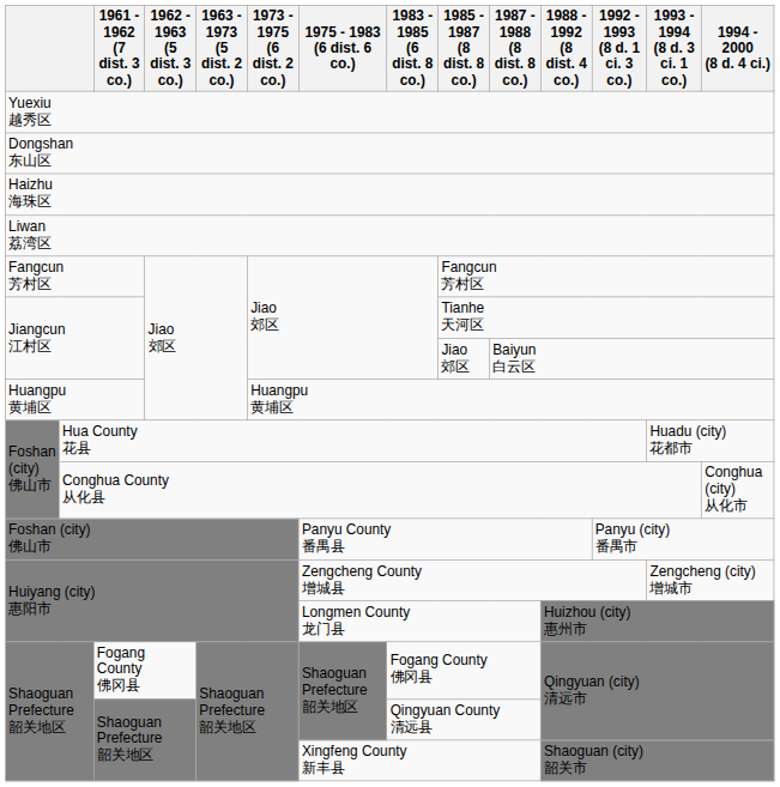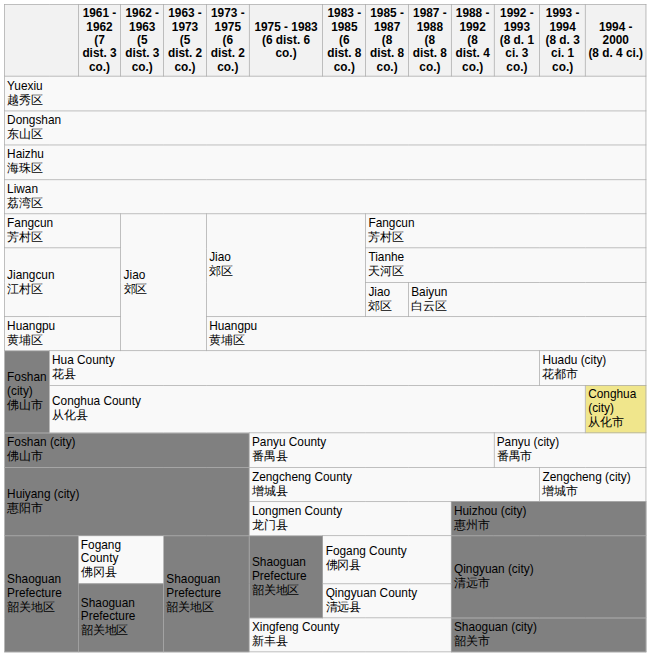 <table border="1" class=wikitable frame="box" rules="all">
 <tr>
 <th colspan="2"><br></th>
 <th>1961 - 1962<br>(7 dist. 3 co.)</th>
 <th>1962 - 1963<br>(5 dist. 3 co.)</th>
 <th>1963 - 1973<br>(5 dist. 2 co.)</th>
 <th>1973 - 1975<br>(6 dist. 2 co.)</th>
 <th>1975 - 1983<br>(6 dist. 6 co.)</th>
 <th>1983 - 1985<br>(6 dist. 8 co.)</th>
 <th>1985 - 1987<br>(8 dist. 8 co.)</th>
 <th>1987 - 1988<br>(8 dist. 8 co.)</th>
 <th>1988 - 1992<br>(8 dist. 4 co.)</th>
 <th>1992 - 1993<br>(8 d. 1 ci. 3 co.)</th>
 <th>1993 - 1994<br>(8 d. 3 ci. 1 co.)</th>
 <th>1994 - 2000<br>(8 d. 4 ci.)</th>
 </tr>
 <tr>
 <td colspan="14">Yuexiu<br>越秀区</td>
 </tr>
 <tr>
 <td colspan="14">Dongshan<br>东山区</td>
 </tr>
 <tr>
 <td colspan="14">Haizhu<br>海珠区</td>
 </tr>
 <tr>
 <td colspan="14">Liwan<br>荔湾区</td>
 </tr>
 <tr>
 <td colspan="3">Fangcun<br>芳村区</td>
 <td rowspan="4" colspan="2">Jiao<br>郊区</td>
 <td rowspan="3" colspan="3">Jiao<br>郊区</td>
 <td colspan="6">Fangcun<br>芳村区</td>
 </tr>
 <tr>
 <td rowspan="2" colspan="3">Jiangcun<br>江村区</td>
 <td colspan="6">Tianhe<br>天河区</td>
 </tr>
 <tr>
 <td>Jiao<br>郊区</td>
 <td colspan="5">Baiyun<br>白云区</td>
 </tr>
 <tr>
 <td colspan="3">Huangpu<br>黄埔区</td>
 <td colspan="9">Huangpu<br>黄埔区</td>
 </tr>
 <tr>
 <td bgcolor="grey" rowspan="2" width="50">Foshan (city)<br>佛山市</td>
 <td colspan="11">Hua County<br>花县</td>
 <td colspan="2">Huadu (city)<br>花都市</td>
 </tr>
 <tr>
 <td colspan="12">Conghua County<br>从化县</td>
-<td colspan="1">Conghua (city)<br>从化市</td>
+<td colspan="1" style="background: khaki;">Conghua (city)<br>从化市</td>
 </tr>
 <tr>
 <td bgcolor="grey" colspan="6">Foshan (city)<br>佛山市</td>
 <td colspan="5">Panyu County<br>番禺县</td>
 <td colspan="3">Panyu (city)<br>番禺市</td>
 </tr>
 <tr>
 <td bgcolor="grey" rowspan="2" colspan="6">Huiyang (city)<br>惠阳市</td>
 <td colspan="6">Zengcheng County<br>增城县</td>
 <td colspan="2">Zengcheng (city)<br>增城市</td>
 </tr>
 <tr>
 <td colspan="4">Longmen County<br>龙门县</td>
 <td bgcolor="grey" colspan="4">Huizhou (city)<br>惠州市</td>
 </tr>
 <tr>
 <td bgcolor="grey" rowspan="4" colspan="2">Shaoguan Prefecture<br>韶关地区</td>
 <td colspan="2">Fogang County<br>佛冈县</td>
 <td bgcolor="grey" rowspan="3" colspan="2">Shaoguan Prefecture<br>韶关地区</td>
 <td bgcolor="grey" rowspan="2">Shaoguan Prefecture<br>韶关地区</td>
 <td colspan="3">Fogang County<br>佛冈县</td>
 <td bgcolor="grey" rowspan="2" colspan="4">Qingyuan (city)<br>清远市</td>
 </tr>
 <tr>
 <td bgcolor="grey" rowspan="2" colspan="2">Shaoguan Prefecture<br>韶关地区</td>
 <td colspan="3">Qingyuan County<br>清远县</td>
 </tr>
 <tr>
 <td colspan="4">Xingfeng County<br>新丰县</td>
 <td bgcolor="grey" colspan="4">Shaoguan (city)<br>韶关市</td>
 </tr>
 </table>
